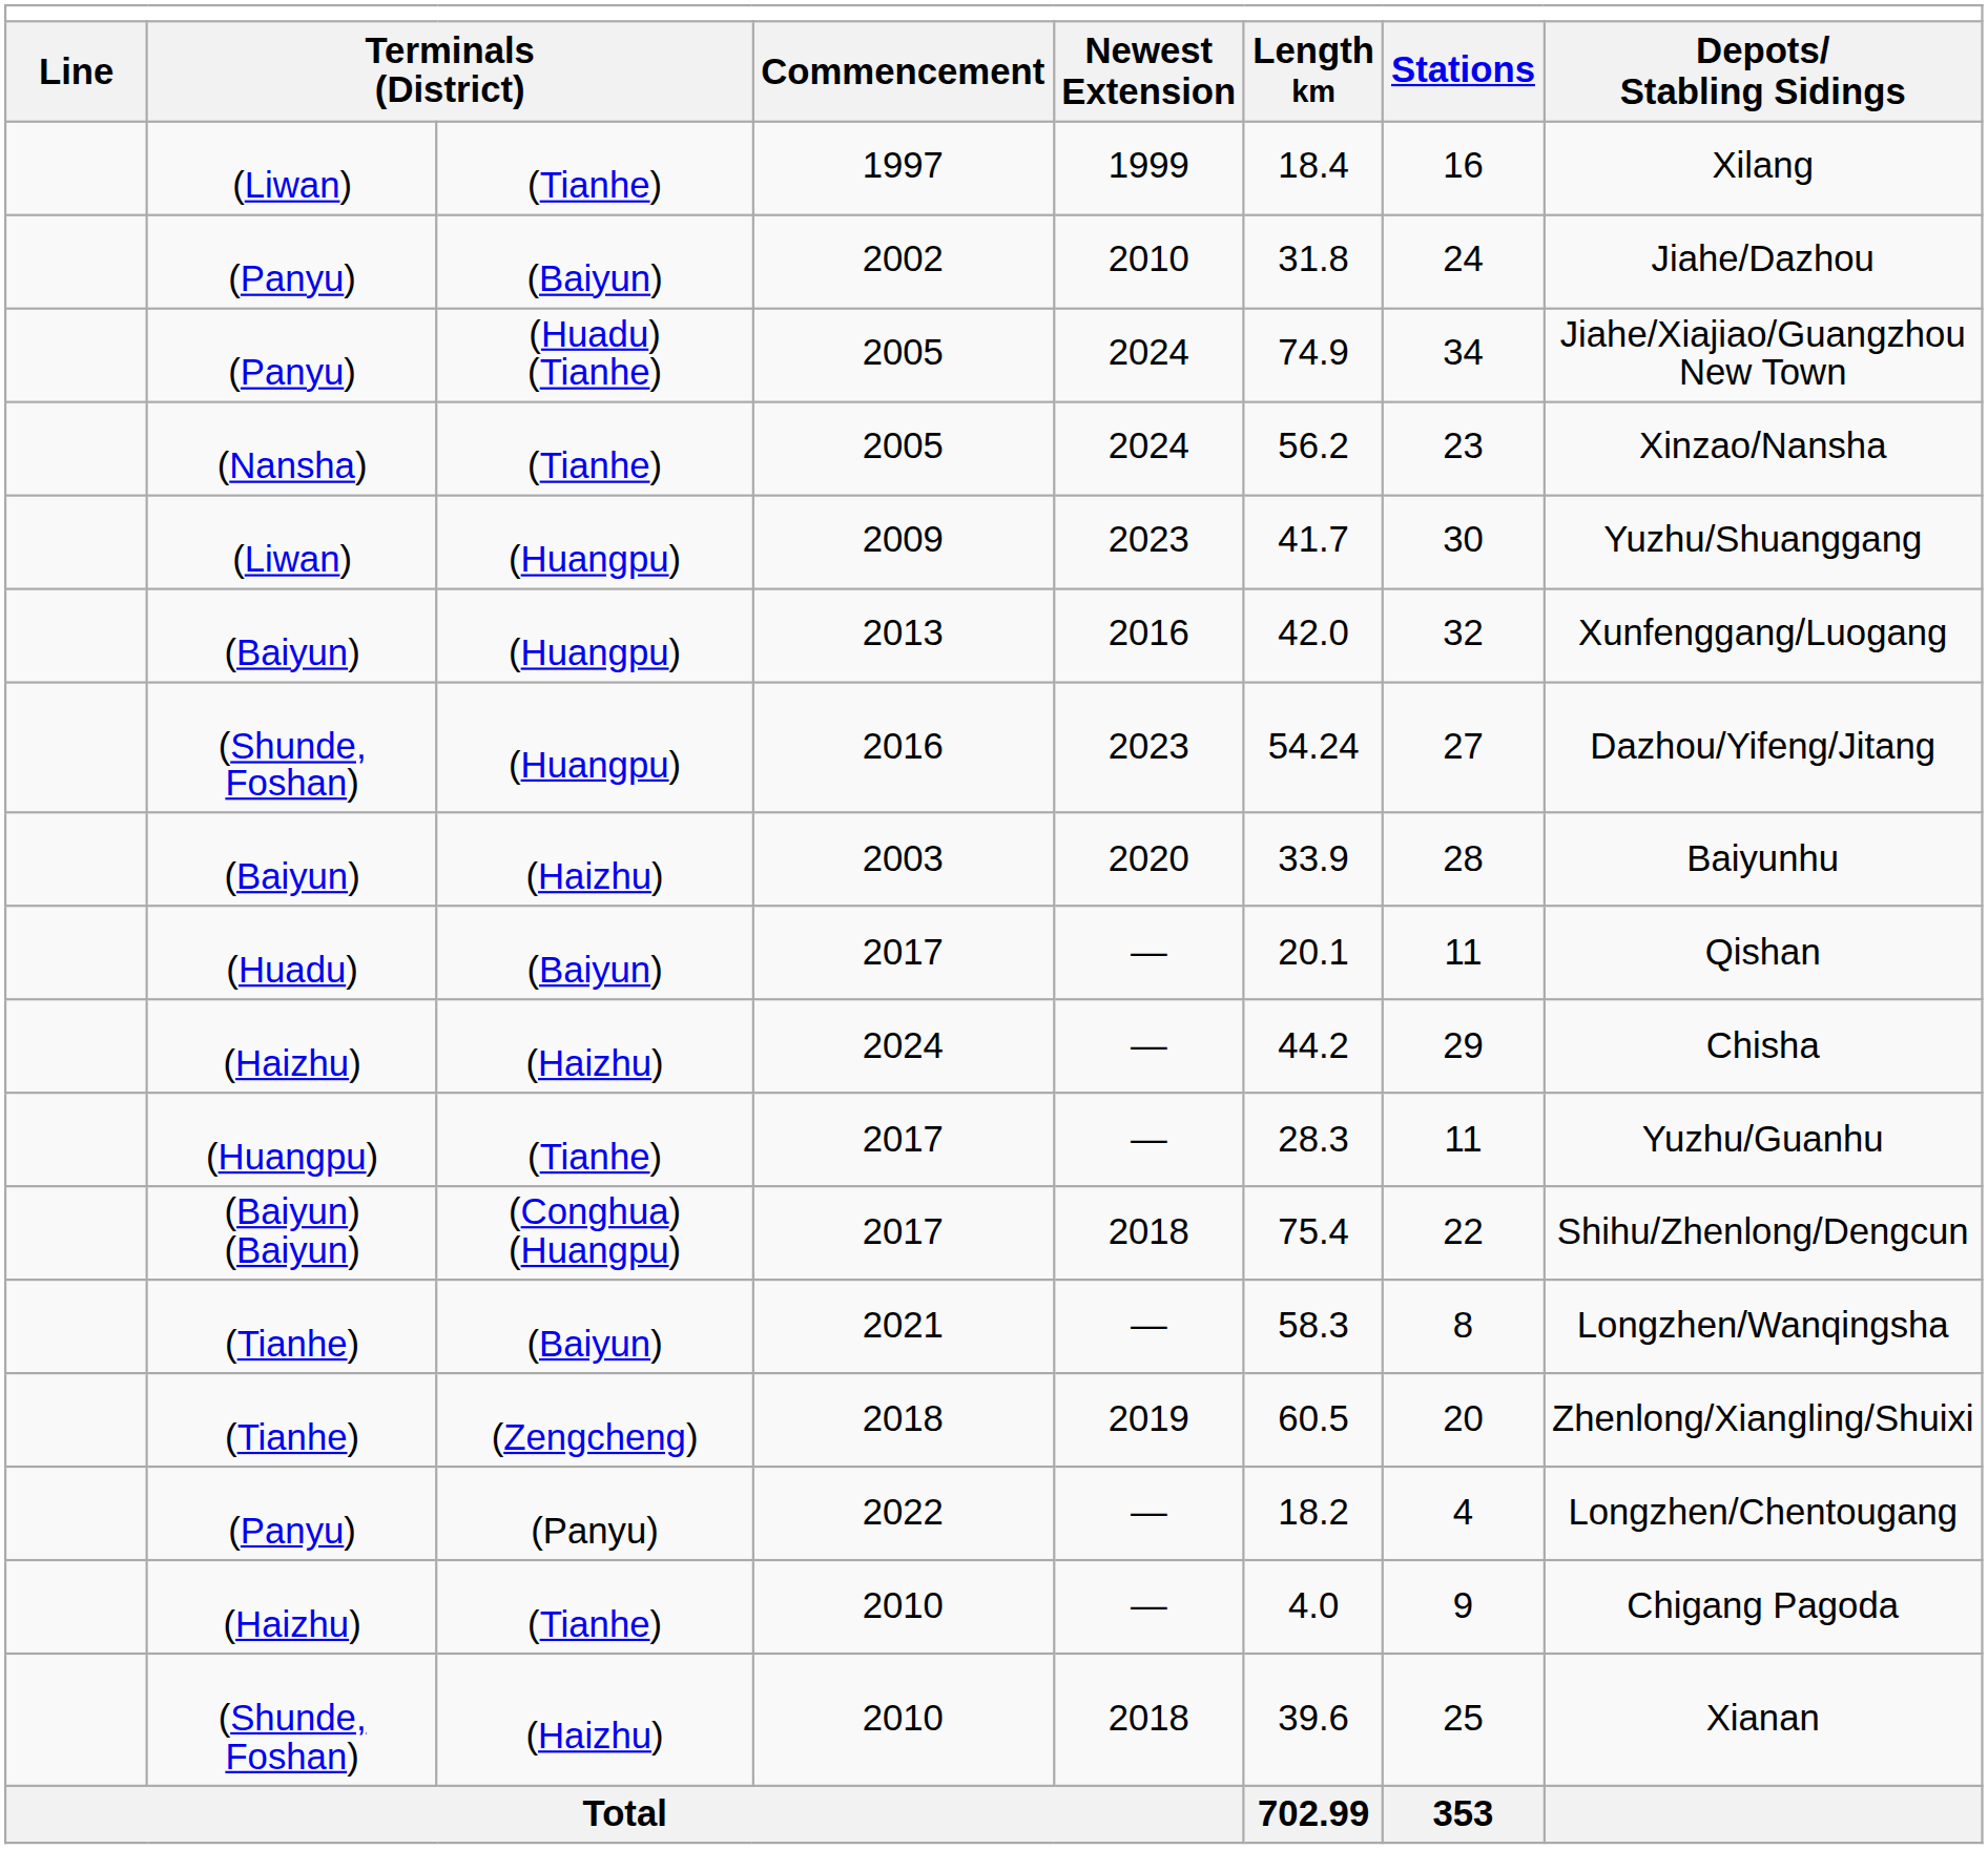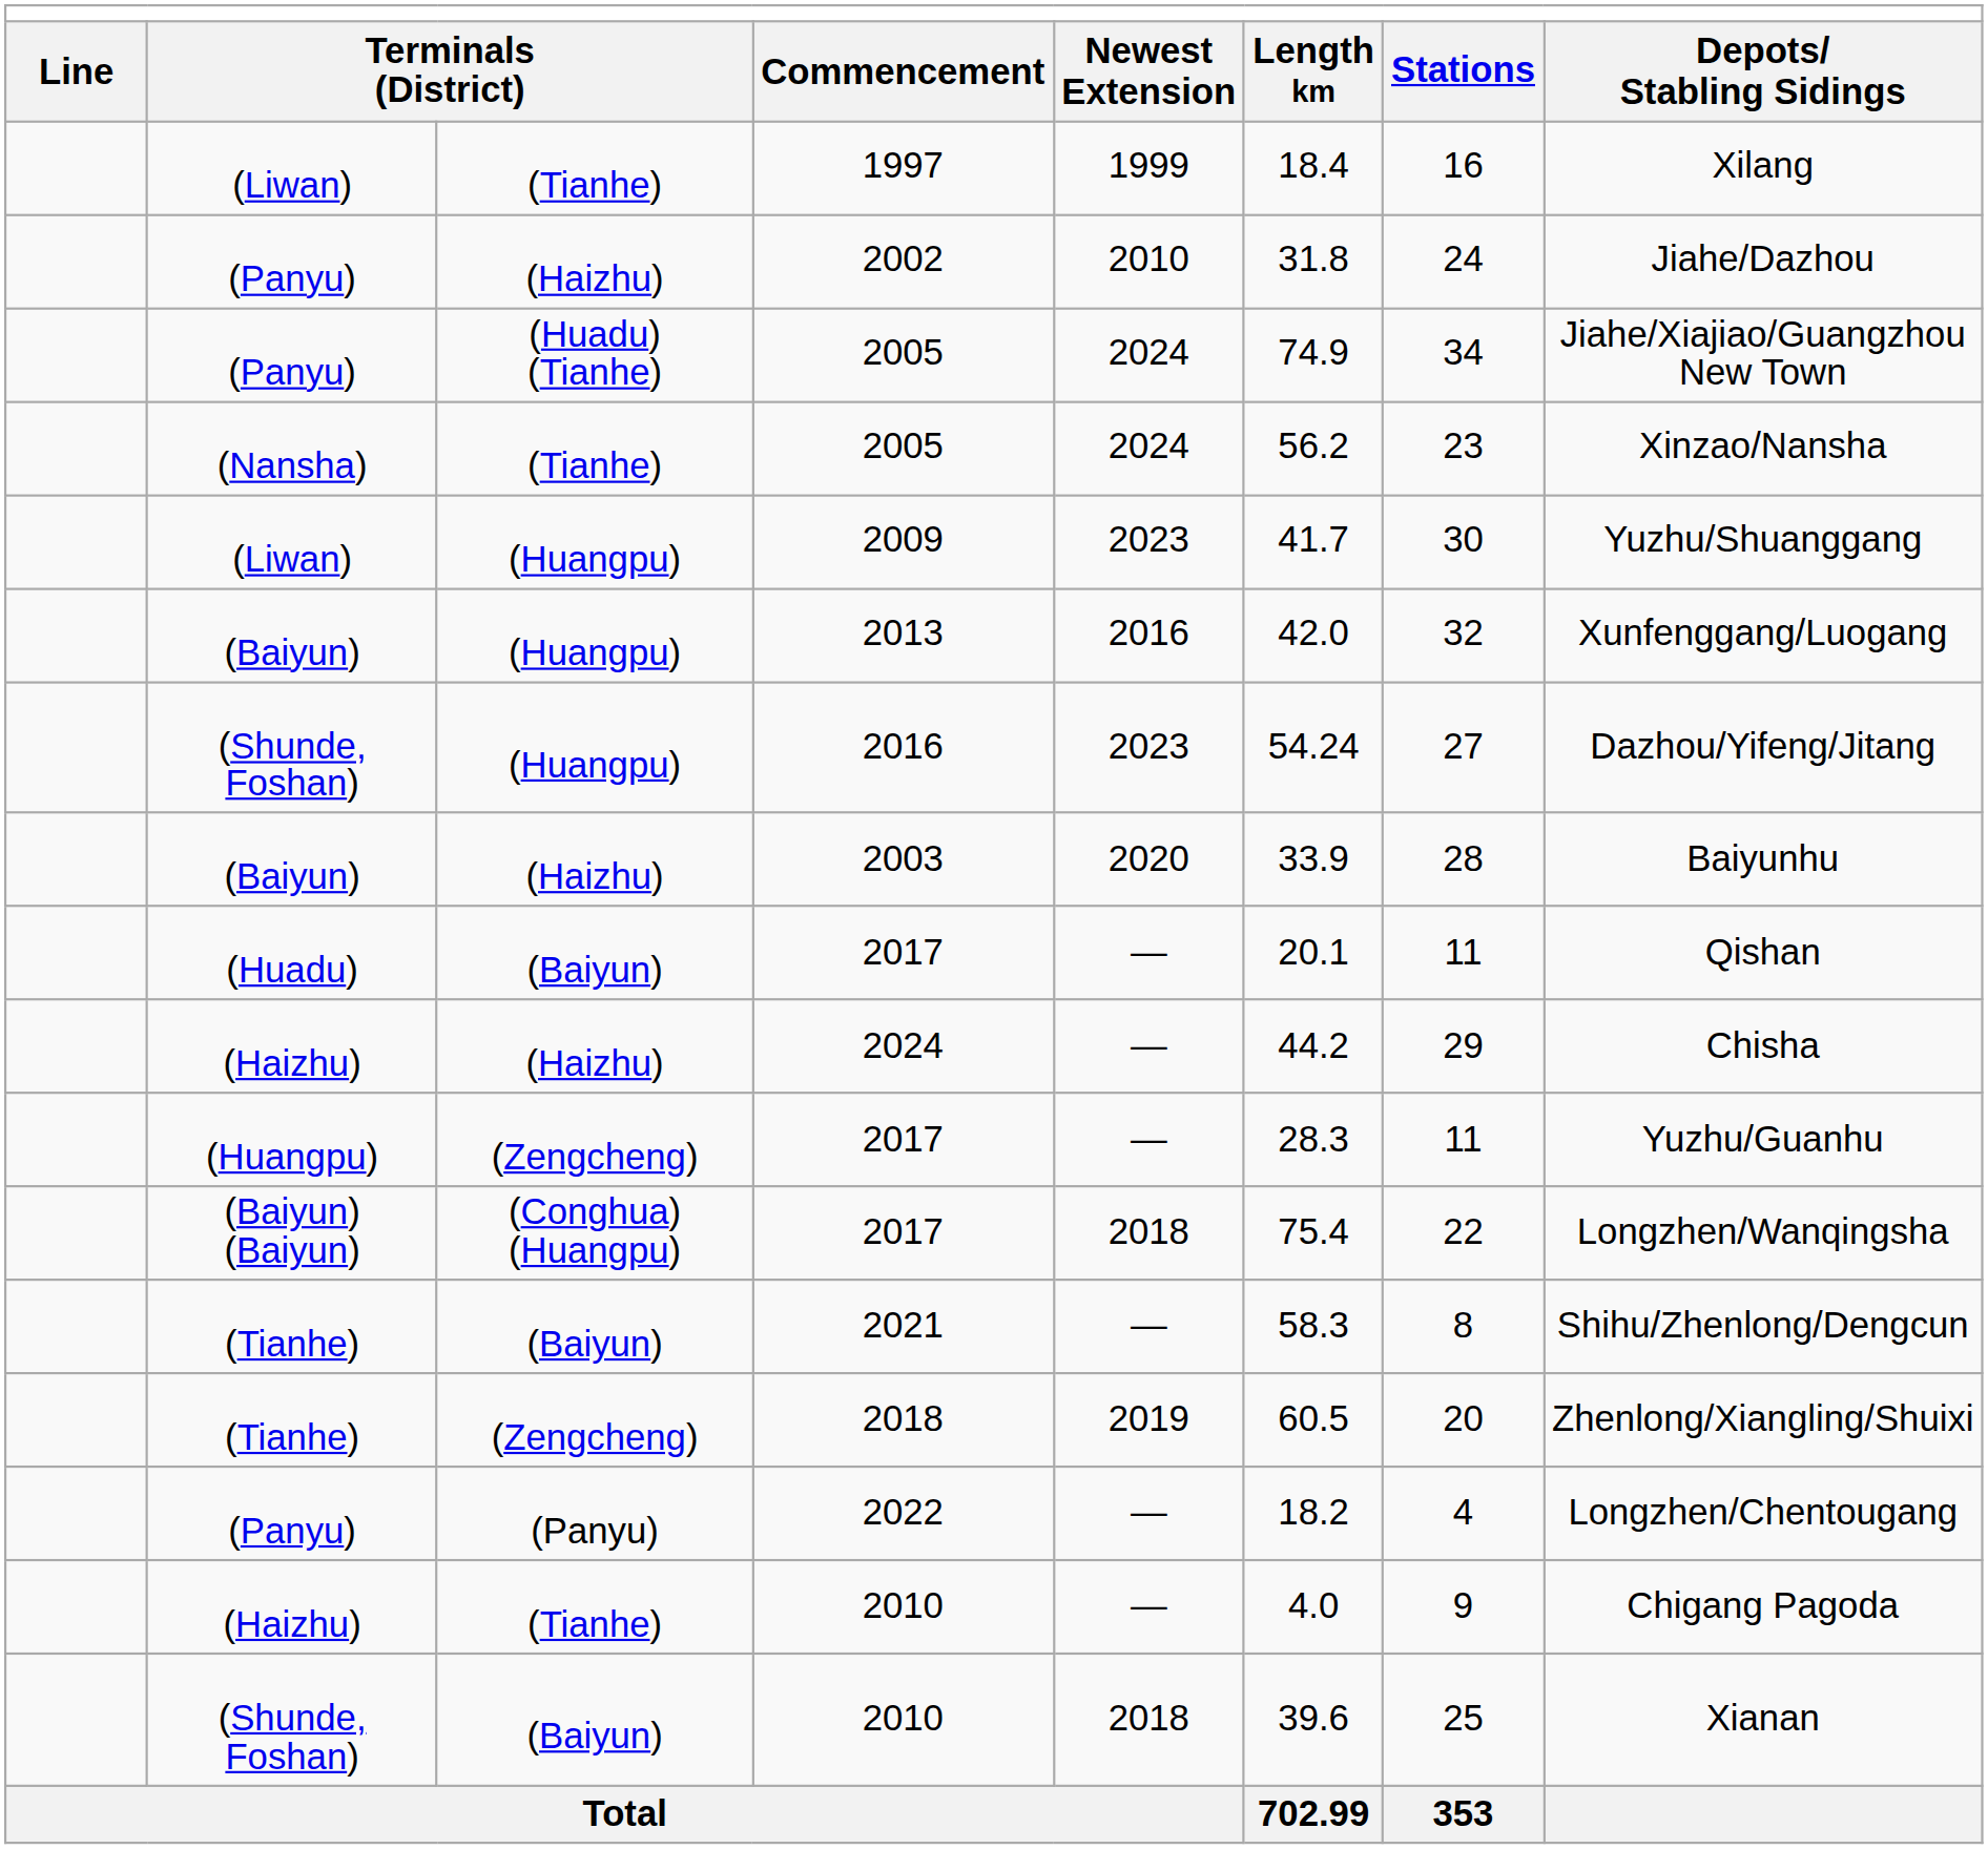 <table class="wikitable sortable" style="cell-padding:1.5; font-size:100%; text-align:center;">
 <tr>
 <td colspan="8" bgcolor="#fff"></td>
 </tr>
 <tr>
 <th data-sort-type="text" style="width:120px;">Line</th>
 <th class="unsortable" colspan="2" style="width:500px; line-height:1.05;">Terminals<br>(District)</th>
 <th>Commencement</th>
 <th>Newest<br>Extension</th>
 <th style="line-height:1.05">Length<br><small>km</small></th>
 <th style="line-height:1.05"><a href='#'>Stations</a></th>
 <th>Depots/<br>Stabling Sidings</th>
 </tr>
 <tr>
 <td style="line-height:1.05"></td>
 <td style="width:250px; line-height:1.05"><strong></strong><br>(<a href='#'>Liwan</a>)</td>
 <td style="width:250px; line-height:1.05"><strong></strong><br>(<a href='#'>Tianhe</a>)</td>
 <td style="line-height:1.05">1997</td>
 <td style="line-height:1.05">1999</td>
 <td style="line-height:1.05">18.4</td>
 <td style="line-height:1.05">16</td>
 <td style="line-height:1.05">Xilang</td>
 </tr>
 <tr>
 <td style="line-height:1.05"></td>
 <td style="width:250px; line-height:1.05"><strong></strong><br>(<a href='#'>Panyu</a>)</td>
-<td style="width:250px; line-height:1.05"><strong></strong><br>(<a href='#'>Baiyun</a>)</td>
+<td style="width:250px; line-height:1.05"><strong></strong><br>(<a href='#'>Haizhu</a>)</td>
 <td style="line-height:1.05">2002</td>
 <td style="line-height:1.05">2010</td>
 <td style="line-height:1.05">31.8</td>
 <td style="line-height:1.05">24</td>
 <td style="line-height:1.05">Jiahe/Dazhou</td>
 </tr>
 <tr>
 <td style="line-height:1.05"></td>
 <td style="width:250px; line-height:1.05"><strong></strong><br>(<a href='#'>Panyu</a>)</td>
 <td style="width:250px; line-height:1.05"><strong></strong> (<a href='#'>Huadu</a>)<br><strong></strong> (<a href='#'>Tianhe</a>)</td>
 <td style="line-height:1.05">2005</td>
 <td style="line-height:1.05">2024</td>
 <td style="line-height:1.05">74.9</td>
 <td style="line-height:1.05">34</td>
 <td style="line-height:1.05">Jiahe/Xiajiao/Guangzhou New Town</td>
 </tr>
 <tr>
 <td style="line-height:1.05"></td>
 <td style="width:250px; line-height:1.05"><strong></strong><br>(<a href='#'>Nansha</a>)</td>
 <td style="width:250px; line-height:1.05"><strong></strong><br>(<a href='#'>Tianhe</a>)</td>
 <td style="line-height:1.05">2005</td>
 <td style="line-height:1.05">2024</td>
 <td style="line-height:1.05">56.2</td>
 <td style="line-height:1.05">23</td>
 <td style="line-height:1.05">Xinzao/Nansha</td>
 </tr>
 <tr>
 <td style="line-height:1.05"></td>
 <td style="width:250px; line-height:1.05"><strong></strong><br>(<a href='#'>Liwan</a>)</td>
 <td style="width:250px; line-height:1.05"><strong></strong><br>(<a href='#'>Huangpu</a>)</td>
 <td style="line-height:1.05">2009</td>
 <td style="line-height:1.05">2023</td>
 <td style="line-height:1.05">41.7</td>
 <td style="line-height:1.05">30</td>
 <td style="line-height:1.05">Yuzhu/Shuanggang</td>
 </tr>
 <tr>
 <td style="line-height:1.05"></td>
 <td style="width:250px; line-height:1.05"><strong></strong><br>(<a href='#'>Baiyun</a>)</td>
 <td style="width:250px; line-height:1.05"><strong></strong><br>(<a href='#'>Huangpu</a>)</td>
 <td style="line-height:1.05">2013</td>
 <td style="line-height:1.05">2016</td>
 <td style="line-height:1.05">42.0</td>
 <td style="line-height:1.05">32</td>
 <td style="line-height:1.05">Xunfenggang/Luogang</td>
 </tr>
 <tr>
 <td style="line-height:1.05"></td>
 <td style="width:250px; line-height:1.05"><strong></strong><br>(<a href='#'>Shunde, Foshan</a>)</td>
 <td style="width:250px; line-height:1.05"><strong></strong><br>(<a href='#'>Huangpu</a>)</td>
 <td style="line-height:1.05">2016</td>
 <td style="line-height:1.05">2023</td>
 <td style="line-height:1.05">54.24</td>
 <td style="line-height:1.05">27</td>
 <td style="line-height:1.05">Dazhou/Yifeng/Jitang</td>
 </tr>
 <tr>
 <td style="line-height:1.05"></td>
 <td style="width:250px; line-height:1.05"><strong></strong><br>(<a href='#'>Baiyun</a>)</td>
 <td style="width:250px; line-height:1.05"><strong></strong><br>(<a href='#'>Haizhu</a>)</td>
 <td style="line-height:1.05">2003</td>
 <td style="line-height:1.05">2020</td>
 <td style="line-height:1.05">33.9</td>
 <td style="line-height:1.05">28</td>
 <td style="line-height:1.05">Baiyunhu</td>
 </tr>
 <tr>
 <td style="line-height:1.05"></td>
 <td style="width:250px; line-height:1.05"><strong></strong><br>(<a href='#'>Huadu</a>)</td>
 <td style="width:250px; line-height:1.05"><strong></strong><br>(<a href='#'>Baiyun</a>)</td>
 <td style="line-height:1.05">2017</td>
 <td style="line-height:1.05">—</td>
 <td style="line-height:1.05">20.1</td>
 <td style="line-height:1.05">11</td>
 <td style="line-height:1.05">Qishan</td>
 </tr>
 <tr>
 <td style="line-height:1.05"><br></td>
 <td style="width:250px; line-height:1.05"><strong></strong><br>(<a href='#'>Haizhu</a>)</td>
 <td style="width:250px; line-height:1.05"><strong></strong><br>(<a href='#'>Haizhu</a>)</td>
 <td style="line-height:1.05">2024</td>
 <td style="line-height:1.05">—</td>
 <td style="line-height:1.05">44.2</td>
 <td style="line-height:1.05">29</td>
 <td style="line-height:1.05">Chisha</td>
 </tr>
 <tr>
 <td style="line-height:1.05"></td>
 <td style="width:250px; line-height:1.05"><strong></strong><br>(<a href='#'>Huangpu</a>)</td>
-<td style="width:250px; line-height:1.05"><strong></strong><br>(<a href='#'>Tianhe</a>)</td>
+<td style="width:250px; line-height:1.05"><strong></strong><br>(<a href='#'>Zengcheng</a>)</td>
 <td style="line-height:1.05">2017</td>
 <td style="line-height:1.05">—</td>
 <td style="line-height:1.05">28.3</td>
 <td style="line-height:1.05">11</td>
 <td style="line-height:1.05">Yuzhu/Guanhu</td>
 </tr>
 <tr>
 <td style="line-height:1.05"></td>
 <td style="width:250px; line-height:1.05"><strong></strong> (<a href='#'>Baiyun</a>)<br><strong></strong> (<a href='#'>Baiyun</a>)</td>
 <td style="width:250px; line-height:1.05"><strong></strong> (<a href='#'>Conghua</a>)<br><strong></strong> (<a href='#'>Huangpu</a>)</td>
 <td style="line-height:1.05">2017</td>
 <td style="line-height:1.05">2018</td>
 <td style="line-height:1.05">75.4</td>
 <td style="line-height:1.05">22</td>
-<td style="line-height:1.05">Shihu/Zhenlong/Dengcun</td>
+<td style="line-height:1.05">Longzhen/Wanqingsha</td>
 </tr>
 <tr>
 <td style="line-height:1.05"></td>
 <td style="width:250px; line-height:1.05"><strong></strong><br>(<a href='#'>Tianhe</a>)</td>
 <td style="width:250px; line-height:1.05"><strong></strong><br>(<a href='#'>Baiyun</a>)</td>
 <td style="line-height:1.05">2021</td>
 <td style="line-height:1.05">—</td>
 <td style="line-height:1.05">58.3</td>
 <td style="line-height:1.05">8</td>
-<td style="line-height:1.05">Longzhen/Wanqingsha</td>
+<td style="line-height:1.05">Shihu/Zhenlong/Dengcun</td>
 </tr>
 <tr>
 <td style="line-height:1.05"></td>
 <td style="width:250px; line-height:1.05"><strong></strong><br>(<a href='#'>Tianhe</a>)</td>
 <td style="width:250px; line-height:1.05"><strong></strong><br>(<a href='#'>Zengcheng</a>)</td>
 <td style="line-height:1.05">2018</td>
 <td style="line-height:1.05">2019</td>
 <td style="line-height:1.05">60.5</td>
 <td style="line-height:1.05">20</td>
 <td style="line-height:1.05">Zhenlong/Xiangling/Shuixi</td>
 </tr>
 <tr>
 <td style="line-height:1.05"></td>
 <td style="width:250px; line-height:1.05"><strong></strong><br>(<a href='#'>Panyu</a>)</td>
 <td style="width:250px; line-height:1.05"><strong></strong><br>(Panyu)</td>
 <td style="line-height:1.05">2022</td>
 <td style="line-height:1.05">—</td>
 <td style="line-height:1.05">18.2</td>
 <td style="line-height:1.05">4</td>
 <td style="line-height:1.05">Longzhen/Chentougang</td>
 </tr>
 <tr>
 <td style="line-height:1.05"></td>
 <td style="width:250px; line-height:1.05"><strong></strong><br>(<a href='#'>Haizhu</a>)</td>
 <td style="width:250px; line-height:1.05"><strong></strong><br>(<a href='#'>Tianhe</a>)</td>
 <td style="line-height:1.05">2010</td>
 <td style="line-height:1.05">—</td>
 <td style="line-height:1.05">4.0</td>
 <td style="line-height:1.05">9</td>
 <td style="line-height:1.05">Chigang Pagoda</td>
 </tr>
 <tr>
 <td style="line-height:1.05"></td>
 <td style="width:250px; line-height:1.05"><strong></strong><br>(<a href='#'>Shunde, Foshan</a>)</td>
-<td style="width:250px; line-height:1.05"><strong></strong><br>(<a href='#'>Haizhu</a>)</td>
+<td style="width:250px; line-height:1.05"><strong></strong><br>(<a href='#'>Baiyun</a>)</td>
 <td style="line-height:1.05">2010</td>
 <td style="line-height:1.05">2018</td>
 <td style="line-height:1.05">39.6</td>
 <td style="line-height:1.05">25</td>
 <td style="line-height:1.05">Xianan</td>
 </tr>
 <tr class="sortbottom">
 <th colspan="5" style="line-height:1.05;">Total</th>
 <th>702.99</th>
 <th>353</th>
 <th style="line-height:1.05;"></th>
 </tr>
 </table>
